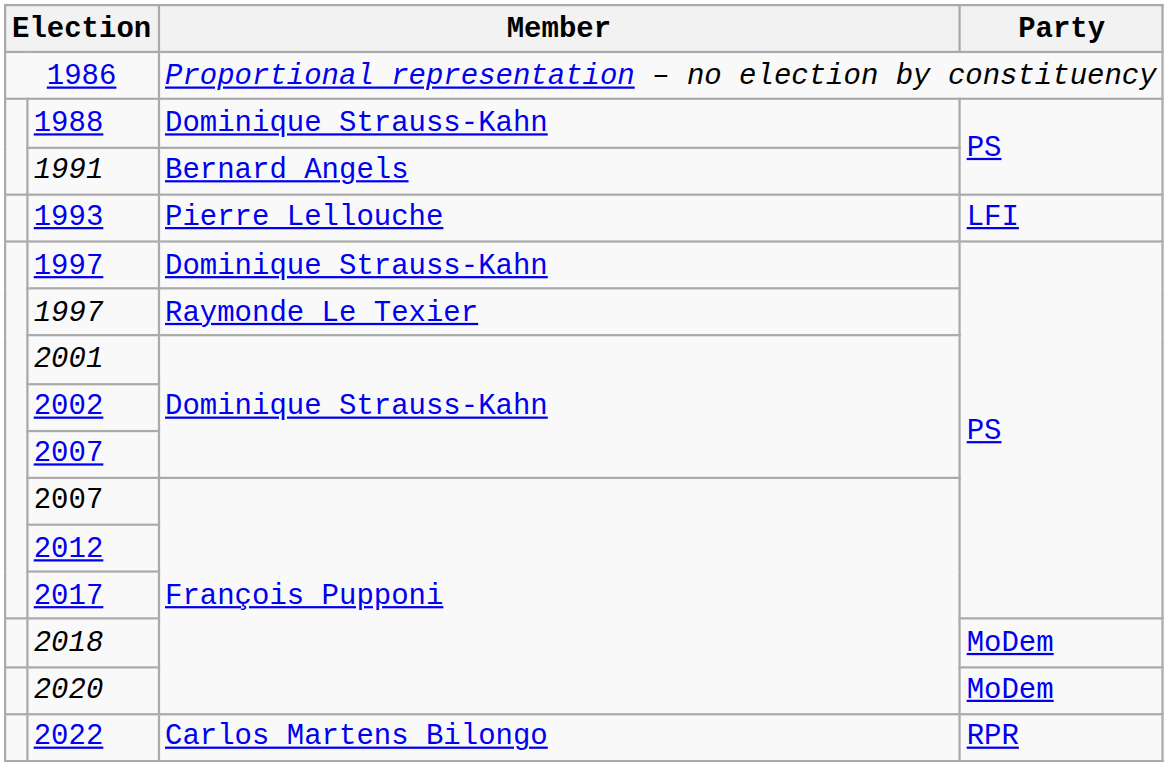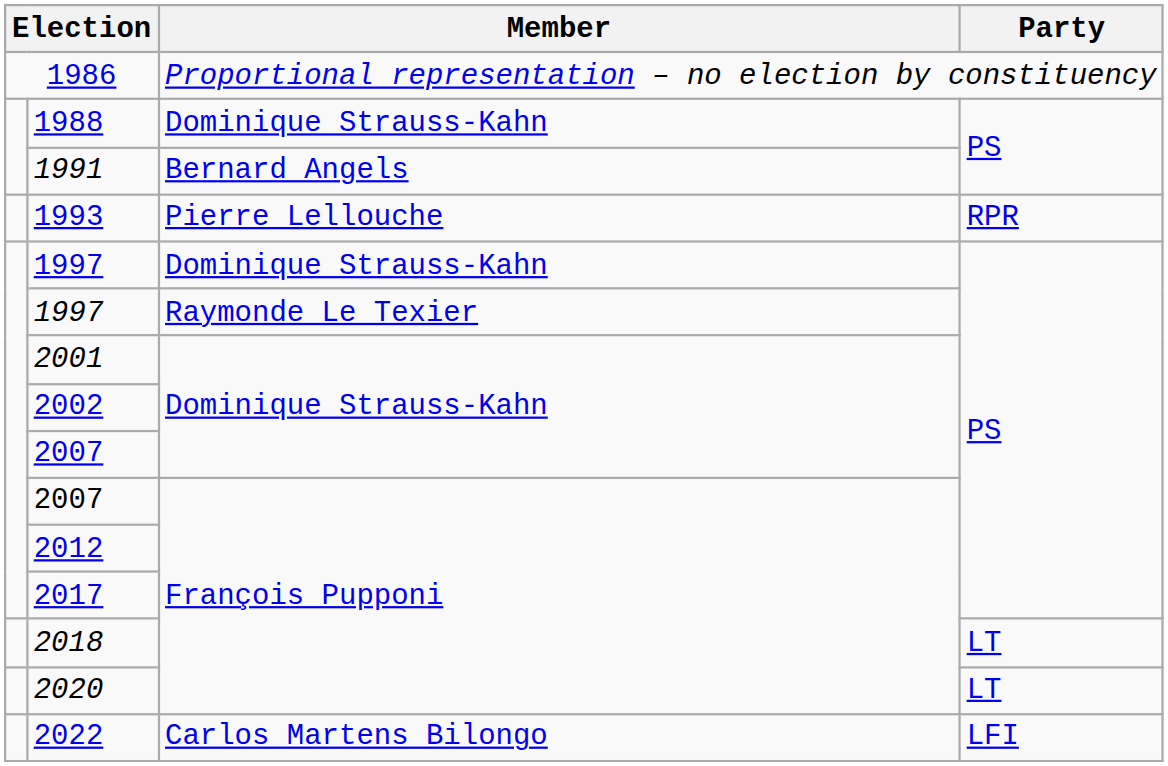 <table class="wikitable">
 <tr>
 <th colspan="2">Election</th>
 <th>Member</th>
 <th>Party</th>
 </tr>
 <tr>
 <td colspan="2" align="center"><a href='#'>1986</a></td>
 <td colspan="2"><em><a href='#'>Proportional representation</a> – no election by constituency</em></td>
 </tr>
 <tr>
 <td rowspan="2" style="color:inherit;background-color: "></td>
 <td><a href='#'>1988</a></td>
 <td><a href='#'>Dominique Strauss-Kahn</a></td>
 <td rowspan="2"><a href='#'>PS</a></td>
 </tr>
 <tr>
 <td><em>1991</em></td>
 <td><a href='#'>Bernard Angels</a></td>
 </tr>
 <tr>
 <td style="color:inherit;background-color: "></td>
 <td><a href='#'>1993</a></td>
 <td><a href='#'>Pierre Lellouche</a></td>
-<td><a href='#'>LFI</a></td>
+<td><a href='#'>RPR</a></td>
 </tr>
 <tr>
 <td rowspan="8" style="color:inherit;background-color: "></td>
 <td><a href='#'>1997</a></td>
 <td><a href='#'>Dominique Strauss-Kahn</a></td>
 <td rowspan="8"><a href='#'>PS</a></td>
 </tr>
 <tr>
 <td><em>1997</em></td>
 <td><a href='#'>Raymonde Le Texier</a></td>
 </tr>
 <tr>
 <td><em>2001</em></td>
 <td rowspan="3"><a href='#'>Dominique Strauss-Kahn</a></td>
 </tr>
 <tr>
 <td><a href='#'>2002</a></td>
 </tr>
 <tr>
 <td><a href='#'>2007</a></td>
 </tr>
 <tr>
 <td>2007</td>
 <td rowspan="5"><a href='#'>François Pupponi</a></td>
 </tr>
 <tr>
 <td><a href='#'>2012</a></td>
 </tr>
 <tr>
 <td><a href='#'>2017</a></td>
 </tr>
 <tr>
 <td style="color:inherit;background-color: "></td>
 <td><em>2018</em></td>
-<td><a href='#'>MoDem</a></td>
+<td><a href='#'>LT</a></td>
 </tr>
 <tr>
 <td style="color:inherit;background-color: "></td>
 <td><em>2020</em></td>
-<td><a href='#'>MoDem</a></td>
+<td><a href='#'>LT</a></td>
 </tr>
 <tr>
 <td style="color:inherit;background-color: "></td>
 <td><a href='#'>2022</a></td>
 <td><a href='#'>Carlos Martens Bilongo</a></td>
-<td><a href='#'>RPR</a></td>
+<td><a href='#'>LFI</a></td>
 </tr>
 </table>
